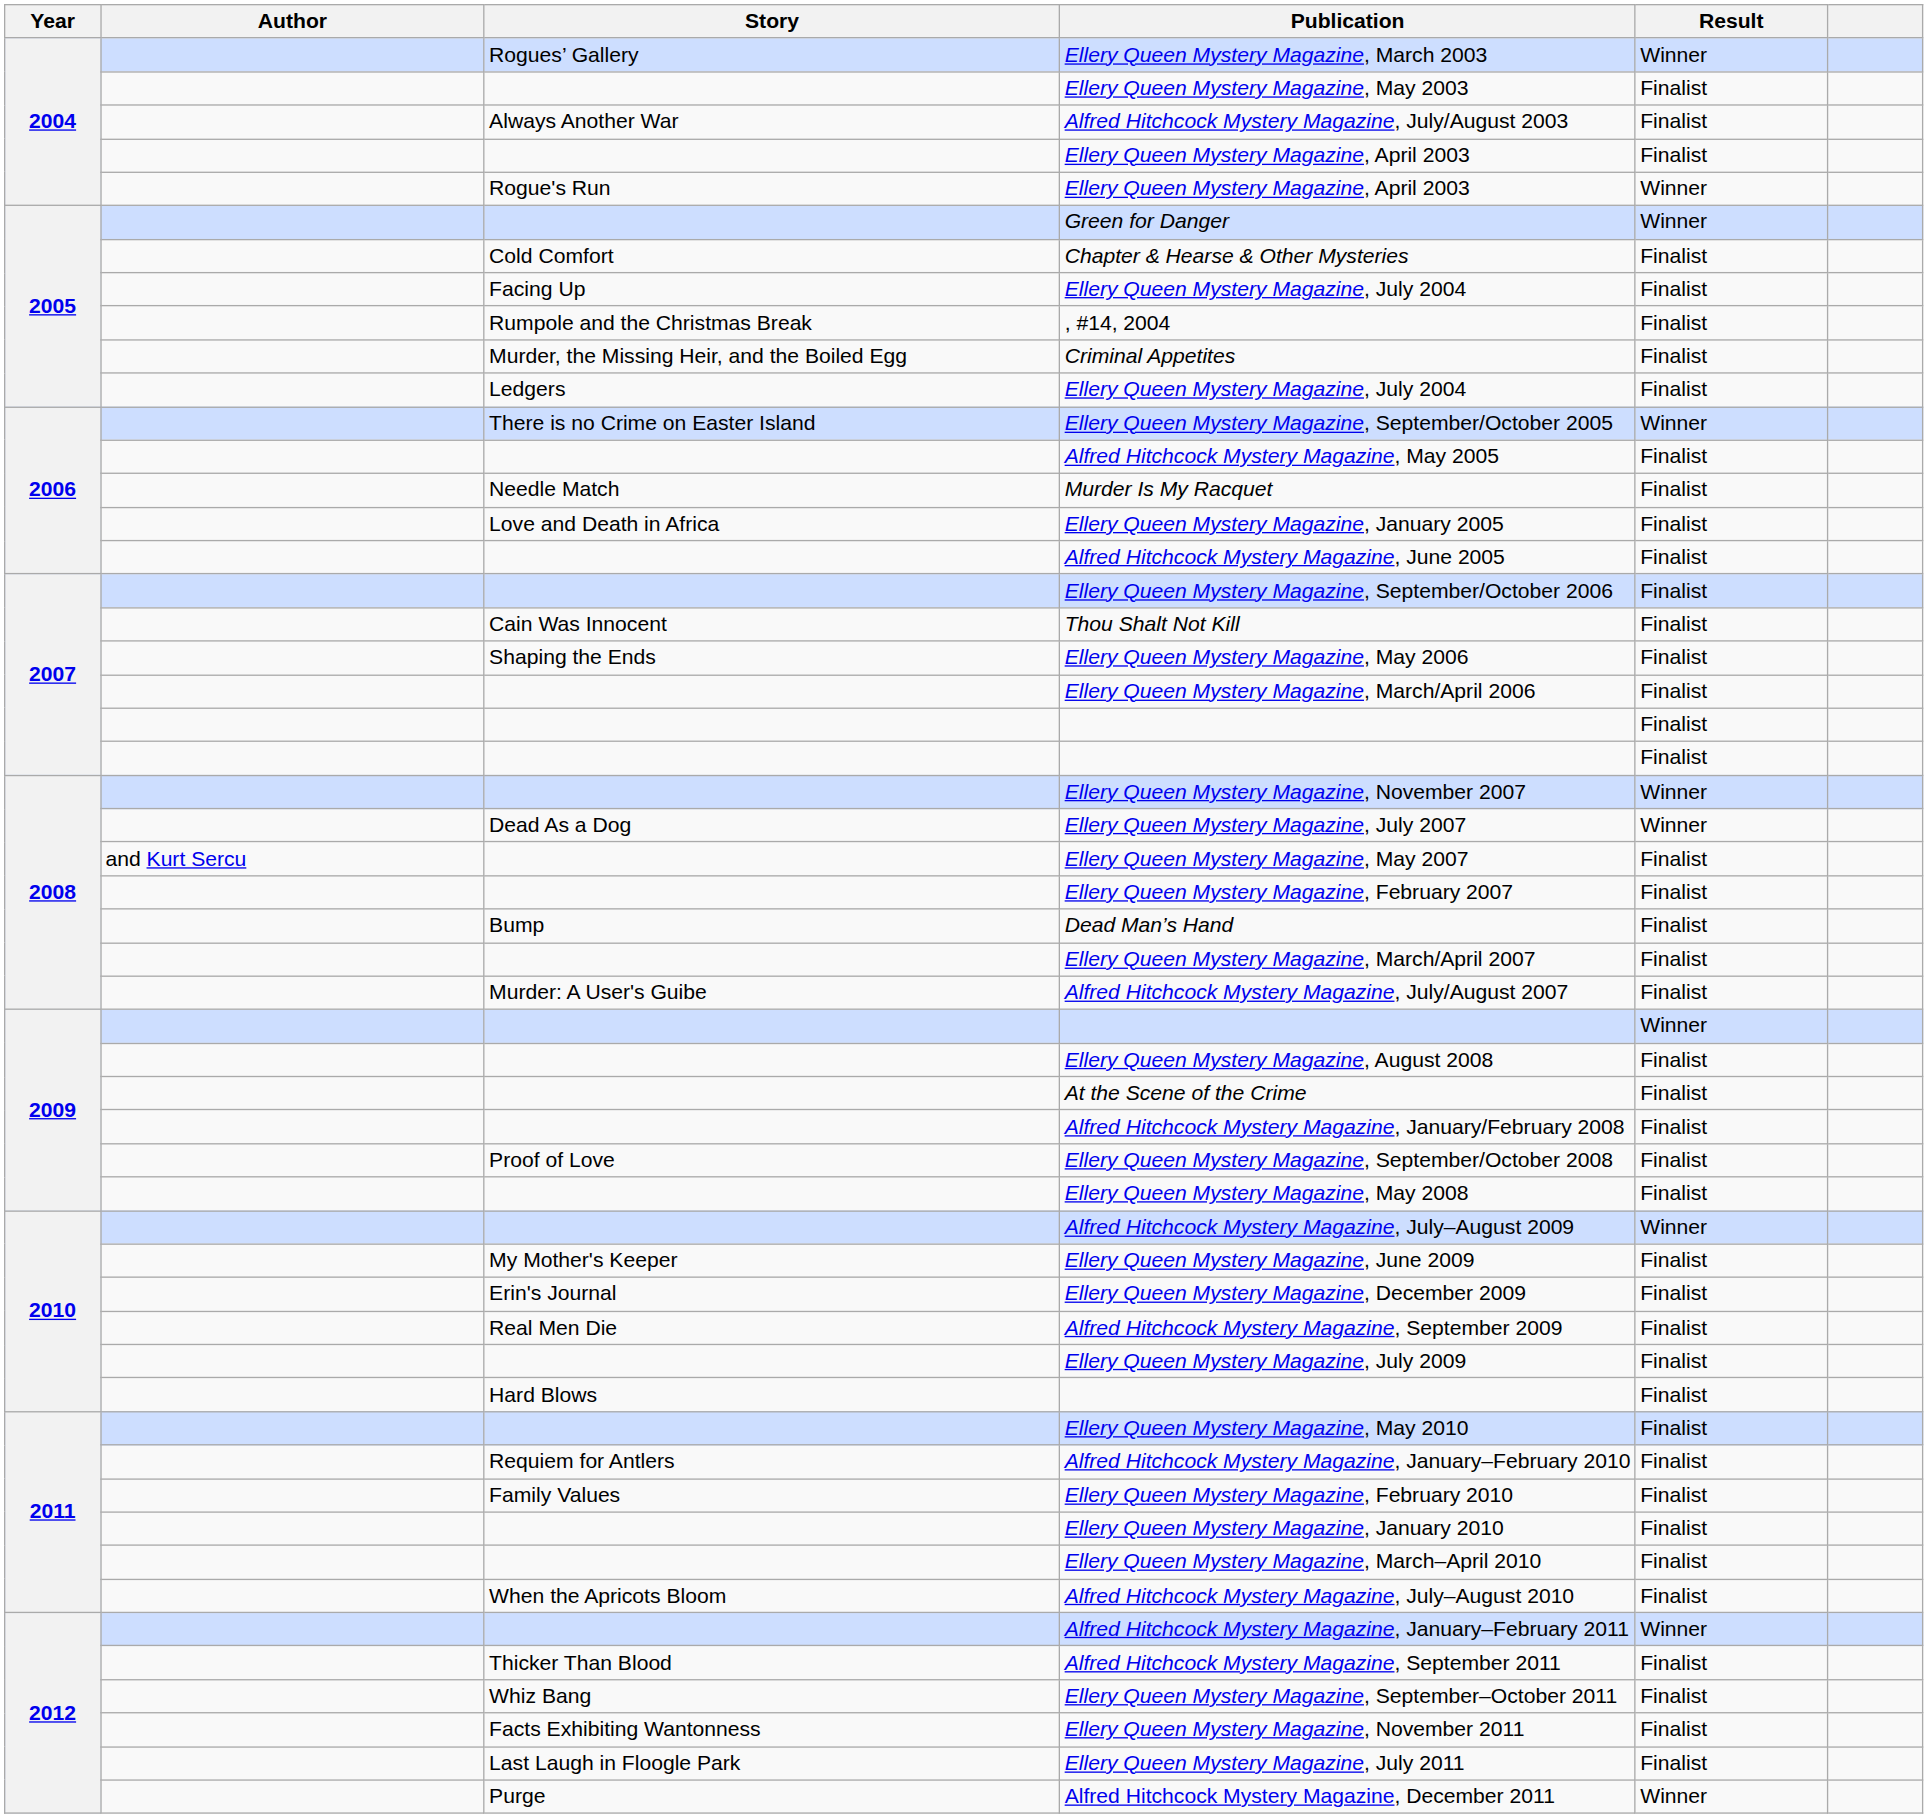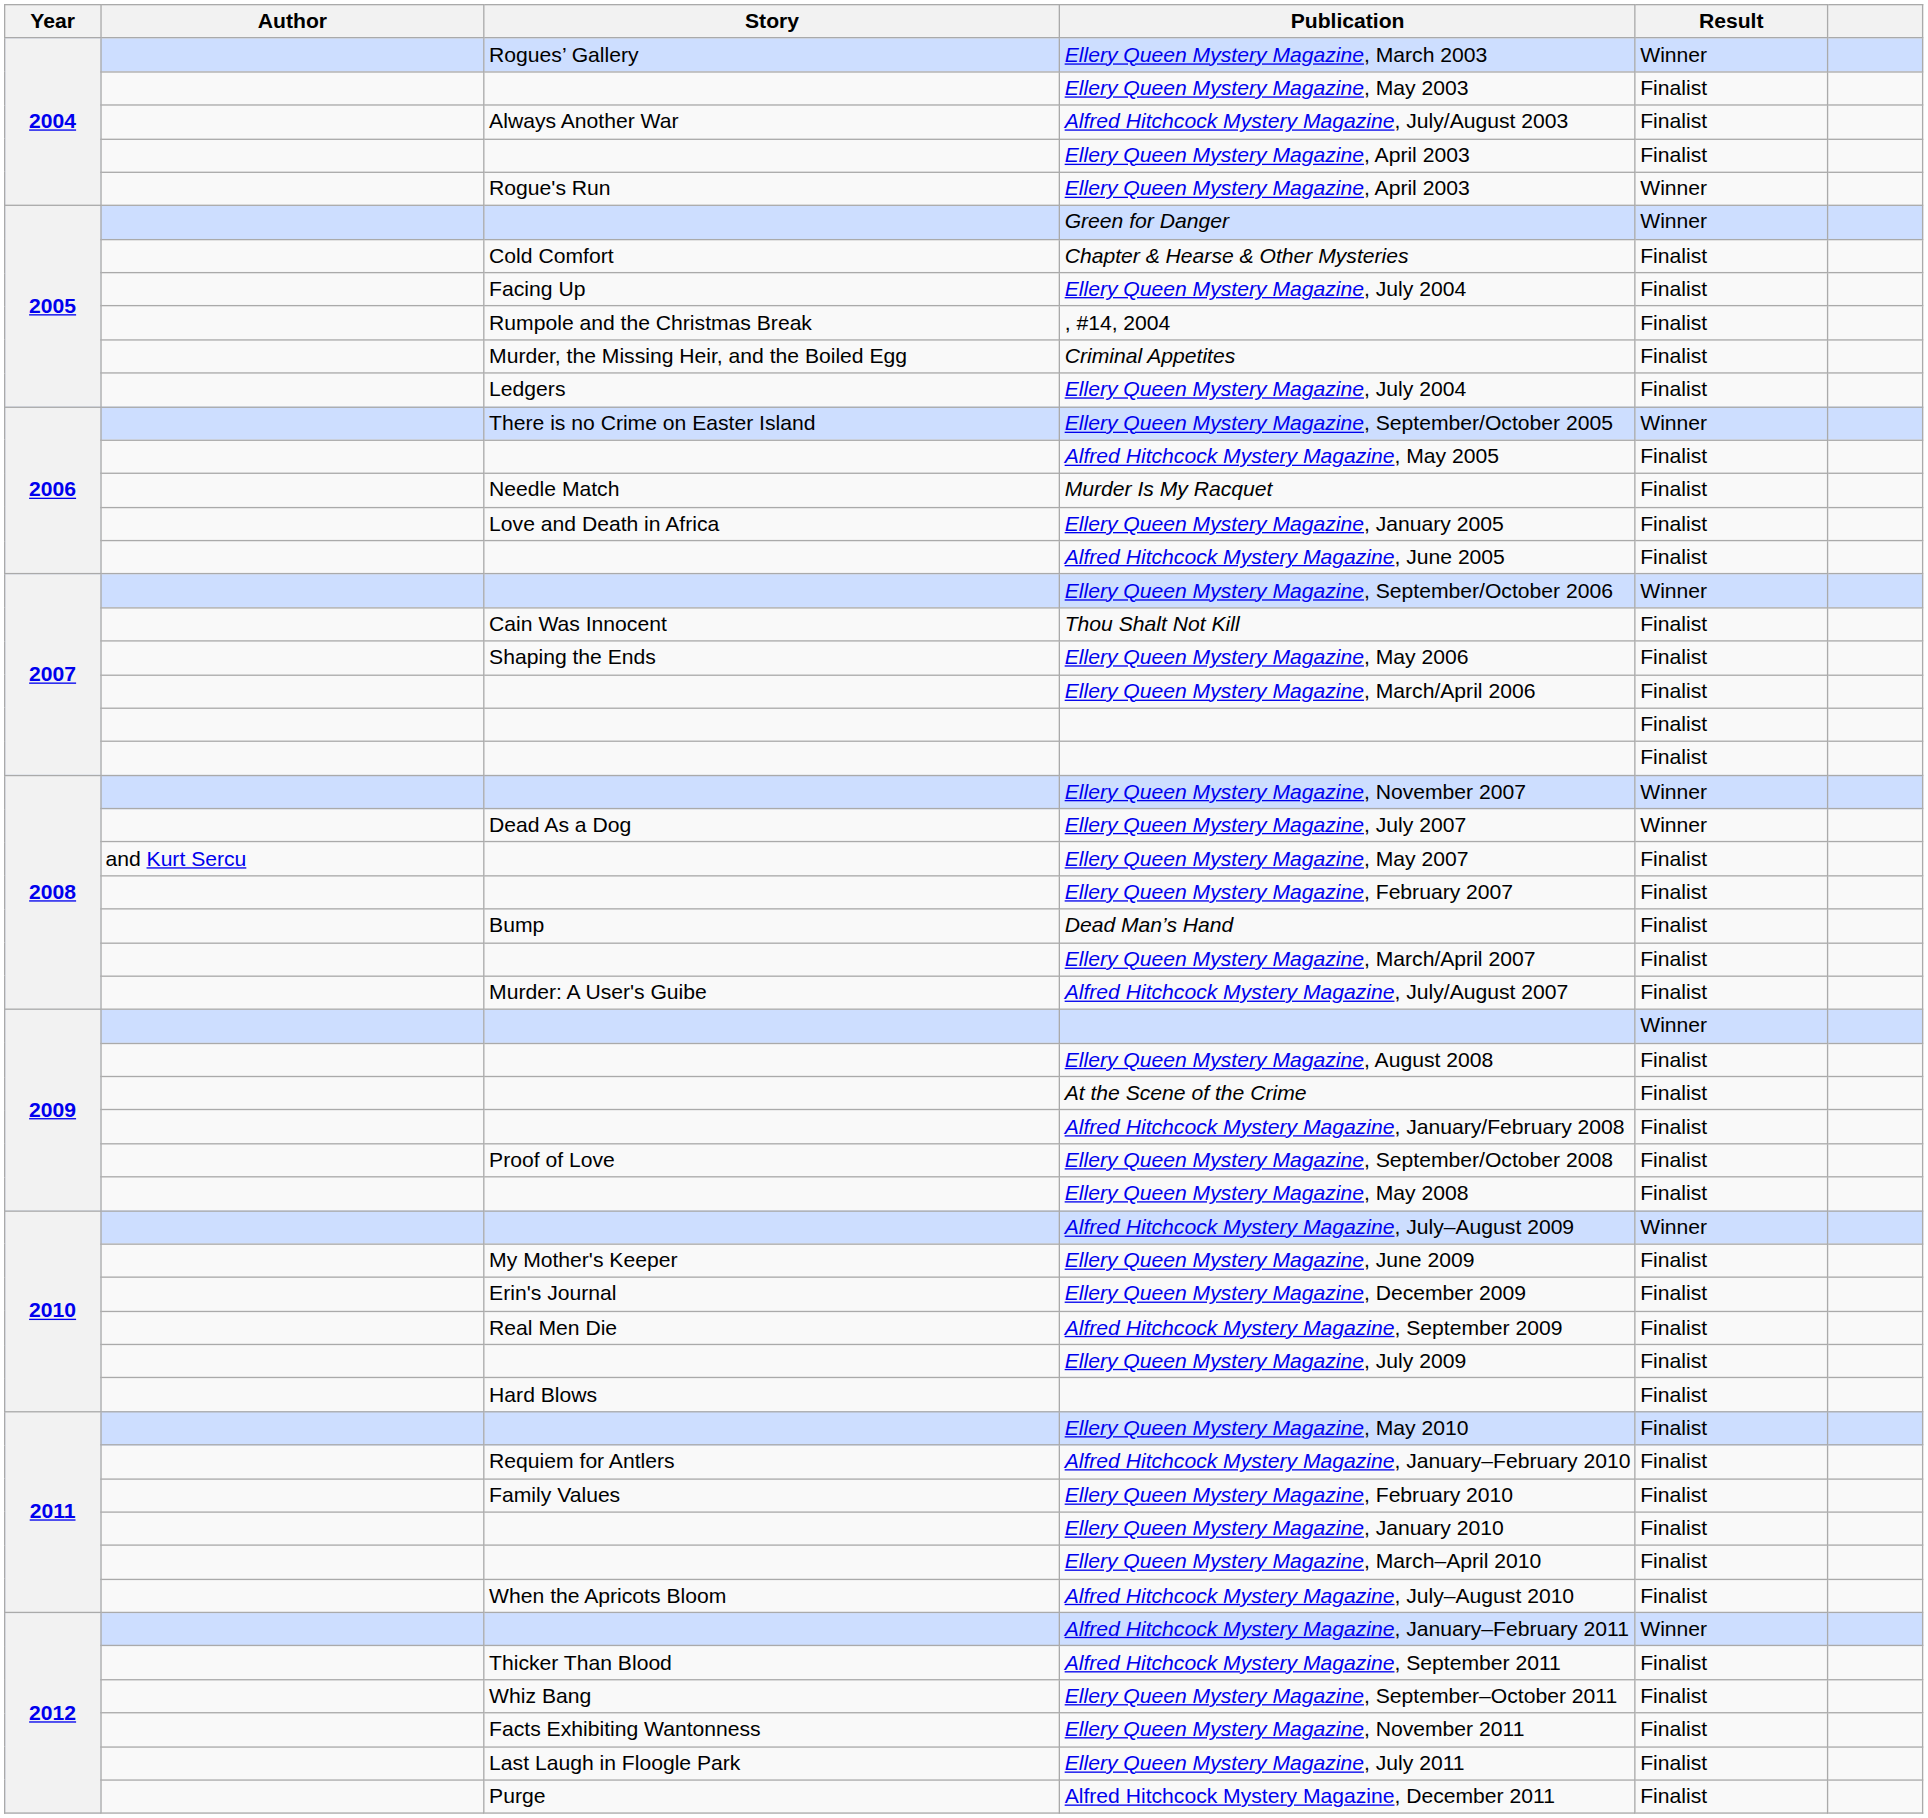 <table class="wikitable" style=="width:100%">
 <tr>
 <th scope="col" width="5%">Year</th>
 <th scope="col" width="20%">Author</th>
 <th scope="col" width="30%">Story</th>
 <th scope="col" width="30%">Publication</th>
 <th scope="col" width="10%">Result</th>
 <th scope="col" width="5%"></th>
 </tr>
 <tr style="background:#cddeff">
 <th rowspan="5"><a href='#'>2004</a></th>
 <td></td>
 <td>Rogues’ Gallery</td>
 <td><em><a href='#'>Ellery Queen Mystery Magazine</a></em>, March 2003</td>
 <td>Winner</td>
 <td></td>
 </tr>
 <tr>
 <td></td>
 <td></td>
 <td><em><a href='#'>Ellery Queen Mystery Magazine</a></em>, May 2003</td>
 <td>Finalist</td>
 <td></td>
 </tr>
 <tr>
 <td></td>
 <td>Always Another War</td>
 <td><em><a href='#'>Alfred Hitchcock Mystery Magazine</a></em>, July/August 2003</td>
 <td>Finalist</td>
 <td></td>
 </tr>
 <tr>
 <td></td>
 <td></td>
 <td><em><a href='#'>Ellery Queen Mystery Magazine</a></em>, April 2003</td>
 <td>Finalist</td>
 <td></td>
 </tr>
 <tr>
 <td></td>
 <td>Rogue's Run</td>
 <td><em><a href='#'>Ellery Queen Mystery Magazine</a></em>, April 2003</td>
 <td>Winner</td>
 <td></td>
 </tr>
 <tr style="background:#cddeff">
 <th rowspan="6"><a href='#'>2005</a></th>
 <td></td>
 <td></td>
 <td><em>Green for Danger</em></td>
 <td>Winner</td>
 <td></td>
 </tr>
 <tr>
 <td></td>
 <td>Cold Comfort</td>
 <td><em>Chapter & Hearse & Other Mysteries</em></td>
 <td>Finalist</td>
 <td></td>
 </tr>
 <tr>
 <td></td>
 <td>Facing Up</td>
 <td><em><a href='#'>Ellery Queen Mystery Magazine</a></em>, July 2004</td>
 <td>Finalist</td>
 <td></td>
 </tr>
 <tr>
 <td></td>
 <td>Rumpole and the Christmas Break</td>
 <td><em></em>, #14, 2004</td>
 <td>Finalist</td>
 <td></td>
 </tr>
 <tr>
 <td></td>
 <td>Murder, the Missing Heir, and the Boiled Egg</td>
 <td><em>Criminal Appetites</em></td>
 <td>Finalist</td>
 <td></td>
 </tr>
 <tr>
 <td></td>
 <td>Ledgers</td>
 <td><em><a href='#'>Ellery Queen Mystery Magazine</a></em>, July 2004</td>
 <td>Finalist</td>
 <td></td>
 </tr>
 <tr style="background:#cddeff">
 <th rowspan="5"><a href='#'>2006</a></th>
 <td></td>
 <td>There is no Crime on Easter Island</td>
 <td><em><a href='#'>Ellery Queen Mystery Magazine</a></em>, September/October 2005</td>
 <td>Winner</td>
 <td></td>
 </tr>
 <tr>
 <td></td>
 <td></td>
 <td><em><a href='#'>Alfred Hitchcock Mystery Magazine</a></em>, May 2005</td>
 <td>Finalist</td>
 <td></td>
 </tr>
 <tr>
 <td></td>
 <td>Needle Match</td>
 <td><em>Murder Is My Racquet</em></td>
 <td>Finalist</td>
 <td></td>
 </tr>
 <tr>
 <td></td>
 <td>Love and Death in Africa</td>
 <td><em><a href='#'>Ellery Queen Mystery Magazine</a></em>, January 2005</td>
 <td>Finalist</td>
 <td></td>
 </tr>
 <tr>
 <td></td>
 <td></td>
 <td><em><a href='#'>Alfred Hitchcock Mystery Magazine</a></em>, June 2005</td>
 <td>Finalist</td>
 <td></td>
 </tr>
 <tr style="background:#cddeff">
 <th rowspan="6"><a href='#'>2007</a></th>
 <td></td>
 <td></td>
 <td><em><a href='#'>Ellery Queen Mystery Magazine</a></em>, September/October 2006</td>
-<td>Finalist</td>
+<td>Winner</td>
 <td></td>
 </tr>
 <tr>
 <td></td>
 <td>Cain Was Innocent</td>
 <td><em>Thou Shalt Not Kill</em></td>
 <td>Finalist</td>
 <td></td>
 </tr>
 <tr>
 <td></td>
 <td>Shaping the Ends</td>
 <td><em><a href='#'>Ellery Queen Mystery Magazine</a></em>, May 2006</td>
 <td>Finalist</td>
 <td></td>
 </tr>
 <tr>
 <td></td>
 <td></td>
 <td><em><a href='#'>Ellery Queen Mystery Magazine</a></em>, March/April 2006</td>
 <td>Finalist</td>
 <td></td>
 </tr>
 <tr>
 <td></td>
 <td></td>
 <td><em></em></td>
 <td>Finalist</td>
 <td></td>
 </tr>
 <tr>
 <td></td>
 <td></td>
 <td><em></em></td>
 <td>Finalist</td>
 <td></td>
 </tr>
 <tr style="background:#cddeff">
 <th rowspan="7"><a href='#'>2008</a></th>
 <td></td>
 <td></td>
 <td><em><a href='#'>Ellery Queen Mystery Magazine</a></em>, November 2007</td>
 <td>Winner</td>
 <td></td>
 </tr>
 <tr>
 <td></td>
 <td>Dead As a Dog</td>
 <td><em><a href='#'>Ellery Queen Mystery Magazine</a></em>, July 2007</td>
 <td>Winner</td>
 <td></td>
 </tr>
 <tr>
 <td> and <a href='#'>Kurt Sercu</a></td>
 <td></td>
 <td><em><a href='#'>Ellery Queen Mystery Magazine</a></em>, May 2007</td>
 <td>Finalist</td>
 <td></td>
 </tr>
 <tr>
 <td></td>
 <td></td>
 <td><em><a href='#'>Ellery Queen Mystery Magazine</a></em>, February 2007</td>
 <td>Finalist</td>
 <td></td>
 </tr>
 <tr>
 <td></td>
 <td>Bump</td>
 <td><em>Dead Man’s Hand</em></td>
 <td>Finalist</td>
 <td></td>
 </tr>
 <tr>
 <td></td>
 <td></td>
 <td><em><a href='#'>Ellery Queen Mystery Magazine</a></em>, March/April 2007</td>
 <td>Finalist</td>
 <td></td>
 </tr>
 <tr>
 <td></td>
 <td>Murder: A User's Guibe</td>
 <td><em><a href='#'>Alfred Hitchcock Mystery Magazine</a></em>, July/August 2007</td>
 <td>Finalist</td>
 <td></td>
 </tr>
 <tr style="background:#cddeff">
 <th rowspan="6"><a href='#'>2009</a></th>
 <td></td>
 <td></td>
 <td><em></em></td>
 <td>Winner</td>
 <td></td>
 </tr>
 <tr>
 <td></td>
 <td></td>
 <td><em><a href='#'>Ellery Queen Mystery Magazine</a></em>, August 2008</td>
 <td>Finalist</td>
 <td></td>
 </tr>
 <tr>
 <td></td>
 <td></td>
 <td><em>At the Scene of the Crime</em></td>
 <td>Finalist</td>
 <td></td>
 </tr>
 <tr>
 <td></td>
 <td></td>
 <td><em><a href='#'>Alfred Hitchcock Mystery Magazine</a></em>, January/February 2008</td>
 <td>Finalist</td>
 <td></td>
 </tr>
 <tr>
 <td></td>
 <td>Proof of Love</td>
 <td><em><a href='#'>Ellery Queen Mystery Magazine</a></em>, September/October 2008</td>
 <td>Finalist</td>
 <td></td>
 </tr>
 <tr>
 <td></td>
 <td></td>
 <td><em><a href='#'>Ellery Queen Mystery Magazine</a></em>, May 2008</td>
 <td>Finalist</td>
 <td></td>
 </tr>
 <tr style=background:#cddeff>
 <th rowspan="6"><a href='#'>2010</a></th>
 <td></td>
 <td></td>
 <td><em><a href='#'>Alfred Hitchcock Mystery Magazine</a></em>, July–August 2009</td>
 <td>Winner</td>
 <td></td>
 </tr>
 <tr>
 <td></td>
 <td>My Mother's Keeper</td>
 <td><em><a href='#'>Ellery Queen Mystery Magazine</a></em>, June 2009</td>
 <td>Finalist</td>
 <td></td>
 </tr>
 <tr>
 <td></td>
 <td>Erin's Journal</td>
 <td><em><a href='#'>Ellery Queen Mystery Magazine</a></em>, December 2009</td>
 <td>Finalist</td>
 <td></td>
 </tr>
 <tr>
 <td></td>
 <td>Real Men Die</td>
 <td><a href='#'><em>Alfred Hitchcock Mystery Magazine</em></a>, September 2009</td>
 <td>Finalist</td>
 <td></td>
 </tr>
 <tr>
 <td></td>
 <td></td>
 <td><em><a href='#'>Ellery Queen Mystery Magazine</a></em>, July 2009</td>
 <td>Finalist</td>
 <td></td>
 </tr>
 <tr>
 <td></td>
 <td>Hard Blows</td>
 <td><em></em></td>
 <td>Finalist</td>
 <td></td>
 </tr>
 <tr style=background:#cddeff>
 <th rowspan="6"><a href='#'>2011</a></th>
 <td></td>
 <td></td>
 <td><em><a href='#'>Ellery Queen Mystery Magazine</a></em>, May 2010</td>
 <td>Finalist</td>
 <td></td>
 </tr>
 <tr>
 <td></td>
 <td>Requiem for Antlers</td>
 <td><a href='#'><em>Alfred Hitchcock Mystery Magazine</em></a>, January–February 2010</td>
 <td>Finalist</td>
 <td></td>
 </tr>
 <tr>
 <td></td>
 <td>Family Values</td>
 <td><em><a href='#'>Ellery Queen Mystery Magazine</a></em>, February 2010</td>
 <td>Finalist</td>
 <td></td>
 </tr>
 <tr>
 <td></td>
 <td></td>
 <td><em><a href='#'>Ellery Queen Mystery Magazine</a></em>, January 2010</td>
 <td>Finalist</td>
 <td></td>
 </tr>
 <tr>
 <td></td>
 <td></td>
 <td><em><a href='#'>Ellery Queen Mystery Magazine</a></em>, March–April 2010</td>
 <td>Finalist</td>
 <td></td>
 </tr>
 <tr>
 <td></td>
 <td>When the Apricots Bloom</td>
 <td><a href='#'><em>Alfred Hitchcock Mystery Magazine</em></a>, July–August 2010</td>
 <td>Finalist</td>
 <td></td>
 </tr>
 <tr style=background:#cddeff>
 <th rowspan="6"><a href='#'>2012</a></th>
 <td></td>
 <td></td>
 <td><a href='#'><em>Alfred Hitchcock Mystery Magazine</em></a>, January–February 2011</td>
 <td>Winner</td>
 <td></td>
 </tr>
 <tr>
 <td></td>
 <td>Thicker Than Blood</td>
 <td><a href='#'><em>Alfred Hitchcock Mystery Magazine</em></a>, September 2011</td>
 <td>Finalist</td>
 <td></td>
 </tr>
 <tr>
 <td></td>
 <td>Whiz Bang</td>
 <td><em><a href='#'>Ellery Queen Mystery Magazine</a></em>, September–October 2011</td>
 <td>Finalist</td>
 <td></td>
 </tr>
 <tr>
 <td></td>
 <td>Facts Exhibiting Wantonness</td>
 <td><em><a href='#'>Ellery Queen Mystery Magazine</a></em>, November 2011</td>
 <td>Finalist</td>
 <td></td>
 </tr>
 <tr>
 <td></td>
 <td>Last Laugh in Floogle Park</td>
 <td><em><a href='#'>Ellery Queen Mystery Magazine</a></em>, July 2011</td>
 <td>Finalist</td>
 <td></td>
 </tr>
 <tr>
 <td></td>
 <td>Purge</td>
 <td><a href='#'>Alfred Hitchcock Mystery Magazine</a>, December 2011</td>
-<td>Winner</td>
+<td>Finalist</td>
 <td></td>
 </tr>
 </table>
